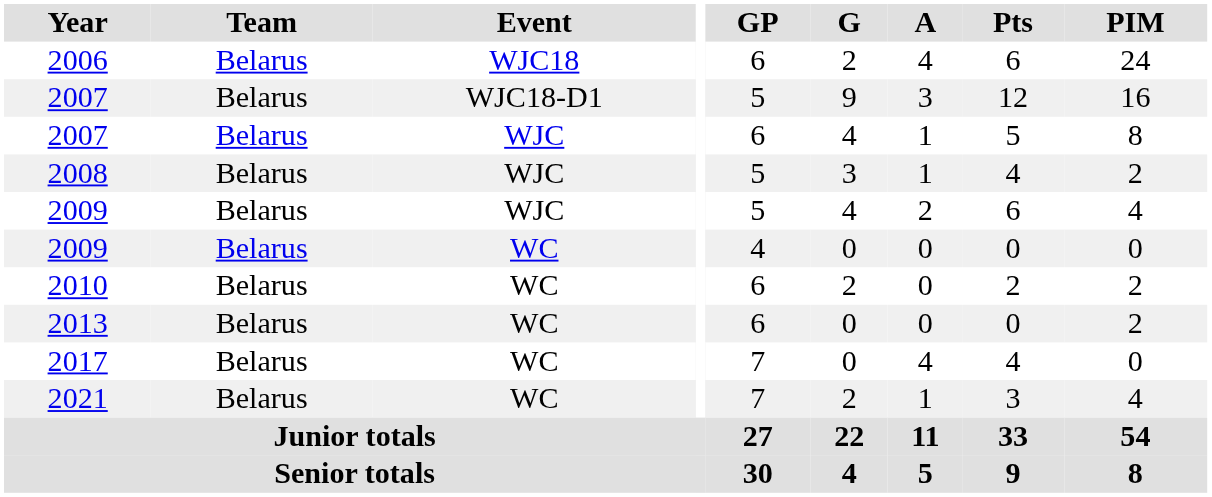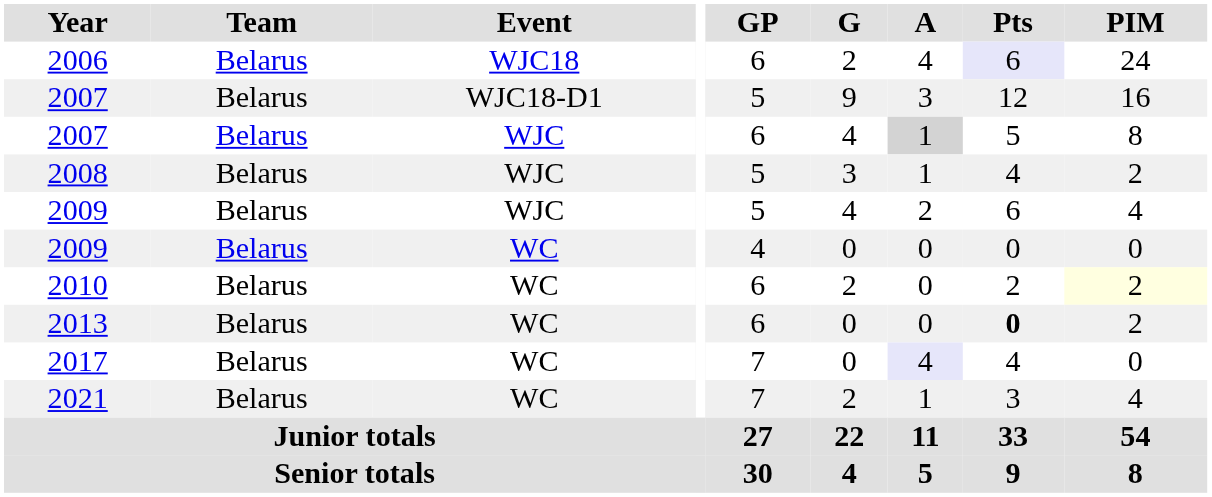 <table border="0" cellpadding="1" cellspacing="0" ID="Table3" style="text-align:center; width:40em">
 <tr bgcolor="#e0e0e0">
 <th>Year</th>
 <th>Team</th>
 <th>Event</th>
 <th rowspan="102" bgcolor="#ffffff"></th>
 <th>GP</th>
 <th>G</th>
 <th>A</th>
 <th>Pts</th>
 <th>PIM</th>
 </tr>
 <tr>
 <td><a href='#'>2006</a></td>
 <td><a href='#'>Belarus</a></td>
 <td><a href='#'>WJC18</a></td>
 <td>6</td>
 <td>2</td>
 <td>4</td>
-<td>6</td>
+<td style="background: lavender;">6</td>
 <td>24</td>
 </tr>
 <tr bgcolor="#f0f0f0">
 <td><a href='#'>2007</a></td>
 <td>Belarus</td>
 <td>WJC18-D1</td>
 <td>5</td>
 <td>9</td>
 <td>3</td>
 <td>12</td>
 <td>16</td>
 </tr>
 <tr>
 <td><a href='#'>2007</a></td>
 <td><a href='#'>Belarus</a></td>
 <td><a href='#'>WJC</a></td>
 <td>6</td>
 <td>4</td>
-<td>1</td>
+<td style="background: lightgrey;">1</td>
 <td>5</td>
 <td>8</td>
 </tr>
 <tr bgcolor="#f0f0f0">
 <td><a href='#'>2008</a></td>
 <td>Belarus</td>
 <td>WJC</td>
 <td>5</td>
 <td>3</td>
 <td>1</td>
 <td>4</td>
 <td>2</td>
 </tr>
 <tr>
 <td><a href='#'>2009</a></td>
 <td>Belarus</td>
 <td>WJC</td>
 <td>5</td>
 <td>4</td>
 <td>2</td>
 <td>6</td>
 <td>4</td>
 </tr>
 <tr bgcolor="#f0f0f0">
 <td><a href='#'>2009</a></td>
 <td><a href='#'>Belarus</a></td>
 <td><a href='#'>WC</a></td>
 <td>4</td>
 <td>0</td>
 <td>0</td>
 <td>0</td>
 <td>0</td>
 </tr>
 <tr>
 <td><a href='#'>2010</a></td>
 <td>Belarus</td>
 <td>WC</td>
 <td>6</td>
 <td>2</td>
 <td>0</td>
 <td>2</td>
-<td>2</td>
+<td style="background: lightyellow;">2</td>
 </tr>
 <tr bgcolor="#f0f0f0">
 <td><a href='#'>2013</a></td>
 <td>Belarus</td>
 <td>WC</td>
 <td>6</td>
 <td>0</td>
 <td>0</td>
-<td>0</td>
+<td><strong>0</strong></td>
 <td>2</td>
 </tr>
 <tr>
 <td><a href='#'>2017</a></td>
 <td>Belarus</td>
 <td>WC</td>
 <td>7</td>
 <td>0</td>
-<td>4</td>
+<td style="background: lavender;">4</td>
 <td>4</td>
 <td>0</td>
 </tr>
 <tr bgcolor="#f0f0f0">
 <td><a href='#'>2021</a></td>
 <td>Belarus</td>
 <td>WC</td>
 <td>7</td>
 <td>2</td>
 <td>1</td>
 <td>3</td>
 <td>4</td>
 </tr>
 <tr bgcolor="#e0e0e0">
 <th colspan="4">Junior totals</th>
 <th>27</th>
 <th>22</th>
 <th>11</th>
 <th>33</th>
 <th>54</th>
 </tr>
 <tr bgcolor="#e0e0e0">
 <th colspan="4">Senior totals</th>
 <th>30</th>
 <th>4</th>
 <th>5</th>
 <th>9</th>
 <th>8</th>
 </tr>
 </table>
